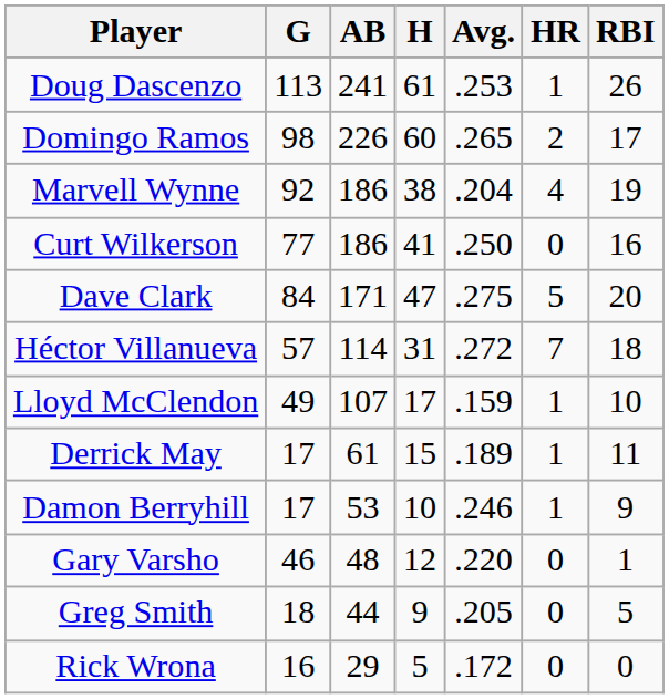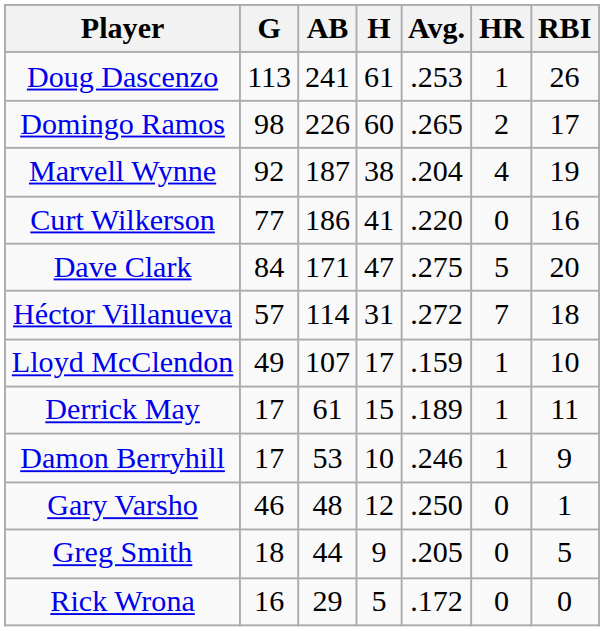 <table class="wikitable sortable" style="text-align:center">
 <tr>
 <th>Player</th>
 <th>G</th>
 <th>AB</th>
 <th>H</th>
 <th>Avg.</th>
 <th>HR</th>
 <th>RBI</th>
 </tr>
 <tr>
 <td><a href='#'>Doug Dascenzo</a></td>
 <td>113</td>
 <td>241</td>
 <td>61</td>
 <td>.253</td>
 <td>1</td>
 <td>26</td>
 </tr>
 <tr>
 <td><a href='#'>Domingo Ramos</a></td>
 <td>98</td>
 <td>226</td>
 <td>60</td>
 <td>.265</td>
 <td>2</td>
 <td>17</td>
 </tr>
 <tr>
 <td><a href='#'>Marvell Wynne</a></td>
 <td>92</td>
-<td>186</td>
+<td>187</td>
 <td>38</td>
 <td>.204</td>
 <td>4</td>
 <td>19</td>
 </tr>
 <tr>
 <td><a href='#'>Curt Wilkerson</a></td>
 <td>77</td>
 <td>186</td>
 <td>41</td>
-<td>.250</td>
+<td>.220</td>
 <td>0</td>
 <td>16</td>
 </tr>
 <tr>
 <td><a href='#'>Dave Clark</a></td>
 <td>84</td>
 <td>171</td>
 <td>47</td>
 <td>.275</td>
 <td>5</td>
 <td>20</td>
 </tr>
 <tr>
 <td><a href='#'>Héctor Villanueva</a></td>
 <td>57</td>
 <td>114</td>
 <td>31</td>
 <td>.272</td>
 <td>7</td>
 <td>18</td>
 </tr>
 <tr>
 <td><a href='#'>Lloyd McClendon</a></td>
 <td>49</td>
 <td>107</td>
 <td>17</td>
 <td>.159</td>
 <td>1</td>
 <td>10</td>
 </tr>
 <tr>
 <td><a href='#'>Derrick May</a></td>
 <td>17</td>
 <td>61</td>
 <td>15</td>
 <td>.189</td>
 <td>1</td>
 <td>11</td>
 </tr>
 <tr>
 <td><a href='#'>Damon Berryhill</a></td>
 <td>17</td>
 <td>53</td>
 <td>10</td>
 <td>.246</td>
 <td>1</td>
 <td>9</td>
 </tr>
 <tr>
 <td><a href='#'>Gary Varsho</a></td>
 <td>46</td>
 <td>48</td>
 <td>12</td>
-<td>.220</td>
+<td>.250</td>
 <td>0</td>
 <td>1</td>
 </tr>
 <tr>
 <td><a href='#'>Greg Smith</a></td>
 <td>18</td>
 <td>44</td>
 <td>9</td>
 <td>.205</td>
 <td>0</td>
 <td>5</td>
 </tr>
 <tr>
 <td><a href='#'>Rick Wrona</a></td>
 <td>16</td>
 <td>29</td>
 <td>5</td>
 <td>.172</td>
 <td>0</td>
 <td>0</td>
 </tr>
 </table>
